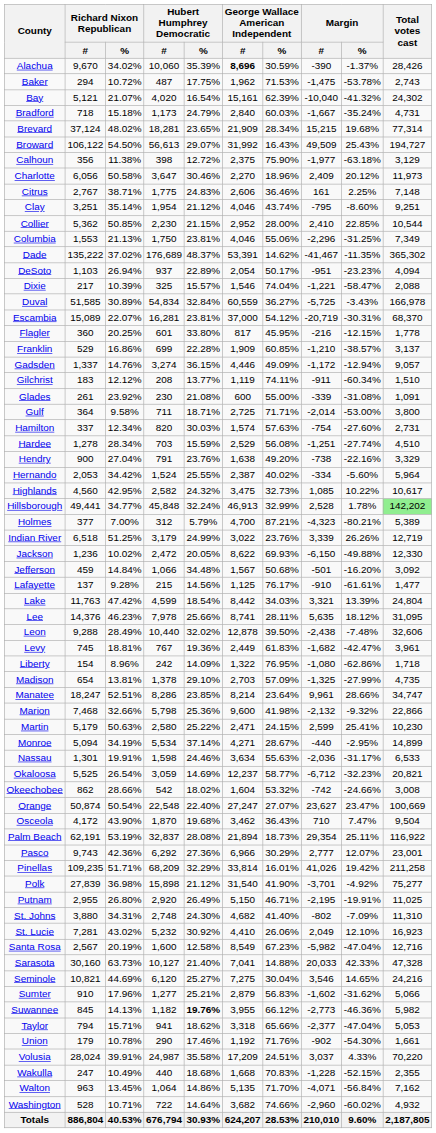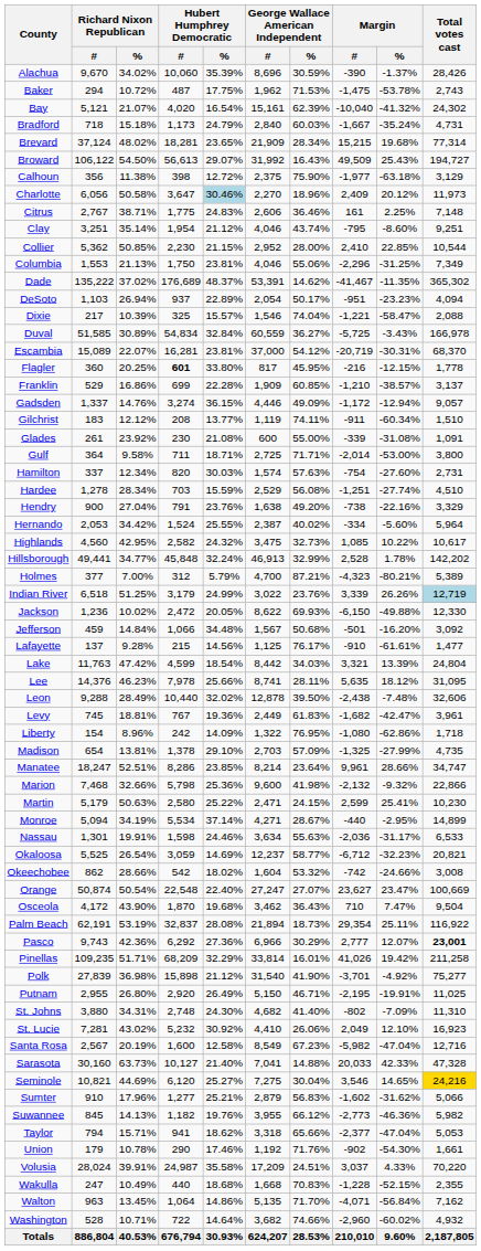 <table width="60%"  class="wikitable sortable" style="text-align:center">
 <tr>
 <th style="text-align:center;" rowspan="2">County</th>
 <th style="text-align:center;" colspan="2">Richard Nixon<br>Republican</th>
 <th style="text-align:center;" colspan="2">Hubert Humphrey<br>Democratic</th>
 <th style="text-align:center;" colspan="2">George Wallace<br>American Independent</th>
 <th style="text-align:center;" colspan="2">Margin</th>
 <th style="text-align:center;" rowspan="2">Total votes cast</th>
 </tr>
 <tr>
 <th style="text-align:center;" data-sort-type="number">#</th>
 <th style="text-align:center;" data-sort-type="number">%</th>
 <th style="text-align:center;" data-sort-type="number">#</th>
 <th style="text-align:center;" data-sort-type="number">%</th>
 <th style="text-align:center;" data-sort-type="number">#</th>
 <th style="text-align:center;" data-sort-type="number">%</th>
 <th style="text-align:center;" data-sort-type="number">#</th>
 <th style="text-align:center;" data-sort-type="number">%</th>
 </tr>
 <tr style="text-align:center;">
 <td><a href='#'>Alachua</a></td>
 <td>9,670</td>
 <td>34.02%</td>
 <td>10,060</td>
 <td>35.39%</td>
-<td><strong>8,696</strong></td>
+<td>8,696</td>
 <td>30.59%</td>
 <td>-390</td>
 <td>-1.37%</td>
 <td>28,426</td>
 </tr>
 <tr style="text-align:center;">
 <td><a href='#'>Baker</a></td>
 <td>294</td>
 <td>10.72%</td>
 <td>487</td>
 <td>17.75%</td>
 <td>1,962</td>
 <td>71.53%</td>
 <td>-1,475</td>
 <td>-53.78%</td>
 <td>2,743</td>
 </tr>
 <tr style="text-align:center;">
 <td><a href='#'>Bay</a></td>
 <td>5,121</td>
 <td>21.07%</td>
 <td>4,020</td>
 <td>16.54%</td>
 <td>15,161</td>
 <td>62.39%</td>
 <td>-10,040</td>
 <td>-41.32%</td>
 <td>24,302</td>
 </tr>
 <tr style="text-align:center;">
 <td><a href='#'>Bradford</a></td>
 <td>718</td>
 <td>15.18%</td>
 <td>1,173</td>
 <td>24.79%</td>
 <td>2,840</td>
 <td>60.03%</td>
 <td>-1,667</td>
 <td>-35.24%</td>
 <td>4,731</td>
 </tr>
 <tr style="text-align:center;">
 <td><a href='#'>Brevard</a></td>
 <td>37,124</td>
 <td>48.02%</td>
 <td>18,281</td>
 <td>23.65%</td>
 <td>21,909</td>
 <td>28.34%</td>
 <td>15,215</td>
 <td>19.68%</td>
 <td>77,314</td>
 </tr>
 <tr style="text-align:center;">
 <td><a href='#'>Broward</a></td>
 <td>106,122</td>
 <td>54.50%</td>
 <td>56,613</td>
 <td>29.07%</td>
 <td>31,992</td>
 <td>16.43%</td>
 <td>49,509</td>
 <td>25.43%</td>
 <td>194,727</td>
 </tr>
 <tr style="text-align:center;">
 <td><a href='#'>Calhoun</a></td>
 <td>356</td>
 <td>11.38%</td>
 <td>398</td>
 <td>12.72%</td>
 <td>2,375</td>
 <td>75.90%</td>
 <td>-1,977</td>
 <td>-63.18%</td>
 <td>3,129</td>
 </tr>
 <tr style="text-align:center;">
 <td><a href='#'>Charlotte</a></td>
 <td>6,056</td>
 <td>50.58%</td>
 <td>3,647</td>
-<td>30.46%</td>
+<td style="background: lightblue;">30.46%</td>
 <td>2,270</td>
 <td>18.96%</td>
 <td>2,409</td>
 <td>20.12%</td>
 <td>11,973</td>
 </tr>
 <tr style="text-align:center;">
 <td><a href='#'>Citrus</a></td>
 <td>2,767</td>
 <td>38.71%</td>
 <td>1,775</td>
 <td>24.83%</td>
 <td>2,606</td>
 <td>36.46%</td>
 <td>161</td>
 <td>2.25%</td>
 <td>7,148</td>
 </tr>
 <tr style="text-align:center;">
 <td><a href='#'>Clay</a></td>
 <td>3,251</td>
 <td>35.14%</td>
 <td>1,954</td>
 <td>21.12%</td>
 <td>4,046</td>
 <td>43.74%</td>
 <td>-795</td>
 <td>-8.60%</td>
 <td>9,251</td>
 </tr>
 <tr style="text-align:center;">
 <td><a href='#'>Collier</a></td>
 <td>5,362</td>
 <td>50.85%</td>
 <td>2,230</td>
 <td>21.15%</td>
 <td>2,952</td>
 <td>28.00%</td>
 <td>2,410</td>
 <td>22.85%</td>
 <td>10,544</td>
 </tr>
 <tr style="text-align:center;">
 <td><a href='#'>Columbia</a></td>
 <td>1,553</td>
 <td>21.13%</td>
 <td>1,750</td>
 <td>23.81%</td>
 <td>4,046</td>
 <td>55.06%</td>
 <td>-2,296</td>
 <td>-31.25%</td>
 <td>7,349</td>
 </tr>
 <tr style="text-align:center;">
 <td><a href='#'>Dade</a></td>
 <td>135,222</td>
 <td>37.02%</td>
 <td>176,689</td>
 <td>48.37%</td>
 <td>53,391</td>
 <td>14.62%</td>
 <td>-41,467</td>
 <td>-11.35%</td>
 <td>365,302</td>
 </tr>
 <tr style="text-align:center;">
 <td><a href='#'>DeSoto</a></td>
 <td>1,103</td>
 <td>26.94%</td>
 <td>937</td>
 <td>22.89%</td>
 <td>2,054</td>
 <td>50.17%</td>
 <td>-951</td>
 <td>-23.23%</td>
 <td>4,094</td>
 </tr>
 <tr style="text-align:center;">
 <td><a href='#'>Dixie</a></td>
 <td>217</td>
 <td>10.39%</td>
 <td>325</td>
 <td>15.57%</td>
 <td>1,546</td>
 <td>74.04%</td>
 <td>-1,221</td>
 <td>-58.47%</td>
 <td>2,088</td>
 </tr>
 <tr style="text-align:center;">
 <td><a href='#'>Duval</a></td>
 <td>51,585</td>
 <td>30.89%</td>
 <td>54,834</td>
 <td>32.84%</td>
 <td>60,559</td>
 <td>36.27%</td>
 <td>-5,725</td>
 <td>-3.43%</td>
 <td>166,978</td>
 </tr>
 <tr style="text-align:center;">
 <td><a href='#'>Escambia</a></td>
 <td>15,089</td>
 <td>22.07%</td>
 <td>16,281</td>
 <td>23.81%</td>
 <td>37,000</td>
 <td>54.12%</td>
 <td>-20,719</td>
 <td>-30.31%</td>
 <td>68,370</td>
 </tr>
 <tr style="text-align:center;">
 <td><a href='#'>Flagler</a></td>
 <td>360</td>
 <td>20.25%</td>
-<td>601</td>
+<td><strong>601</strong></td>
 <td>33.80%</td>
 <td>817</td>
 <td>45.95%</td>
 <td>-216</td>
 <td>-12.15%</td>
 <td>1,778</td>
 </tr>
 <tr style="text-align:center;">
 <td><a href='#'>Franklin</a></td>
 <td>529</td>
 <td>16.86%</td>
 <td>699</td>
 <td>22.28%</td>
 <td>1,909</td>
 <td>60.85%</td>
 <td>-1,210</td>
 <td>-38.57%</td>
 <td>3,137</td>
 </tr>
 <tr style="text-align:center;">
 <td><a href='#'>Gadsden</a></td>
 <td>1,337</td>
 <td>14.76%</td>
 <td>3,274</td>
 <td>36.15%</td>
 <td>4,446</td>
 <td>49.09%</td>
 <td>-1,172</td>
 <td>-12.94%</td>
 <td>9,057</td>
 </tr>
 <tr style="text-align:center;">
 <td><a href='#'>Gilchrist</a></td>
 <td>183</td>
 <td>12.12%</td>
 <td>208</td>
 <td>13.77%</td>
 <td>1,119</td>
 <td>74.11%</td>
 <td>-911</td>
 <td>-60.34%</td>
 <td>1,510</td>
 </tr>
 <tr style="text-align:center;">
 <td><a href='#'>Glades</a></td>
 <td>261</td>
 <td>23.92%</td>
 <td>230</td>
 <td>21.08%</td>
 <td>600</td>
 <td>55.00%</td>
 <td>-339</td>
 <td>-31.08%</td>
 <td>1,091</td>
 </tr>
 <tr style="text-align:center;">
 <td><a href='#'>Gulf</a></td>
 <td>364</td>
 <td>9.58%</td>
 <td>711</td>
 <td>18.71%</td>
 <td>2,725</td>
 <td>71.71%</td>
 <td>-2,014</td>
 <td>-53.00%</td>
 <td>3,800</td>
 </tr>
 <tr style="text-align:center;">
 <td><a href='#'>Hamilton</a></td>
 <td>337</td>
 <td>12.34%</td>
 <td>820</td>
 <td>30.03%</td>
 <td>1,574</td>
 <td>57.63%</td>
 <td>-754</td>
 <td>-27.60%</td>
 <td>2,731</td>
 </tr>
 <tr style="text-align:center;">
 <td><a href='#'>Hardee</a></td>
 <td>1,278</td>
 <td>28.34%</td>
 <td>703</td>
 <td>15.59%</td>
 <td>2,529</td>
 <td>56.08%</td>
 <td>-1,251</td>
 <td>-27.74%</td>
 <td>4,510</td>
 </tr>
 <tr style="text-align:center;">
 <td><a href='#'>Hendry</a></td>
 <td>900</td>
 <td>27.04%</td>
 <td>791</td>
 <td>23.76%</td>
 <td>1,638</td>
 <td>49.20%</td>
 <td>-738</td>
 <td>-22.16%</td>
 <td>3,329</td>
 </tr>
 <tr style="text-align:center;">
 <td><a href='#'>Hernando</a></td>
 <td>2,053</td>
 <td>34.42%</td>
 <td>1,524</td>
 <td>25.55%</td>
 <td>2,387</td>
 <td>40.02%</td>
 <td>-334</td>
 <td>-5.60%</td>
 <td>5,964</td>
 </tr>
 <tr style="text-align:center;">
 <td><a href='#'>Highlands</a></td>
 <td>4,560</td>
 <td>42.95%</td>
 <td>2,582</td>
 <td>24.32%</td>
 <td>3,475</td>
 <td>32.73%</td>
 <td>1,085</td>
 <td>10.22%</td>
 <td>10,617</td>
 </tr>
 <tr style="text-align:center;">
 <td><a href='#'>Hillsborough</a></td>
 <td>49,441</td>
 <td>34.77%</td>
 <td>45,848</td>
 <td>32.24%</td>
 <td>46,913</td>
 <td>32.99%</td>
 <td>2,528</td>
 <td>1.78%</td>
-<td style="background: lightgreen;">142,202</td>
+<td>142,202</td>
 </tr>
 <tr style="text-align:center;">
 <td><a href='#'>Holmes</a></td>
 <td>377</td>
 <td>7.00%</td>
 <td>312</td>
 <td>5.79%</td>
 <td>4,700</td>
 <td>87.21%</td>
 <td>-4,323</td>
 <td>-80.21%</td>
 <td>5,389</td>
 </tr>
 <tr style="text-align:center;">
 <td><a href='#'>Indian River</a></td>
 <td>6,518</td>
 <td>51.25%</td>
 <td>3,179</td>
 <td>24.99%</td>
 <td>3,022</td>
 <td>23.76%</td>
 <td>3,339</td>
 <td>26.26%</td>
-<td>12,719</td>
+<td style="background: lightblue;">12,719</td>
 </tr>
 <tr style="text-align:center;">
 <td><a href='#'>Jackson</a></td>
 <td>1,236</td>
 <td>10.02%</td>
 <td>2,472</td>
 <td>20.05%</td>
 <td>8,622</td>
 <td>69.93%</td>
 <td>-6,150</td>
 <td>-49.88%</td>
 <td>12,330</td>
 </tr>
 <tr style="text-align:center;">
 <td><a href='#'>Jefferson</a></td>
 <td>459</td>
 <td>14.84%</td>
 <td>1,066</td>
 <td>34.48%</td>
 <td>1,567</td>
 <td>50.68%</td>
 <td>-501</td>
 <td>-16.20%</td>
 <td>3,092</td>
 </tr>
 <tr style="text-align:center;">
 <td><a href='#'>Lafayette</a></td>
 <td>137</td>
 <td>9.28%</td>
 <td>215</td>
 <td>14.56%</td>
 <td>1,125</td>
 <td>76.17%</td>
 <td>-910</td>
 <td>-61.61%</td>
 <td>1,477</td>
 </tr>
 <tr style="text-align:center;">
 <td><a href='#'>Lake</a></td>
 <td>11,763</td>
 <td>47.42%</td>
 <td>4,599</td>
 <td>18.54%</td>
 <td>8,442</td>
 <td>34.03%</td>
 <td>3,321</td>
 <td>13.39%</td>
 <td>24,804</td>
 </tr>
 <tr style="text-align:center;">
 <td><a href='#'>Lee</a></td>
 <td>14,376</td>
 <td>46.23%</td>
 <td>7,978</td>
 <td>25.66%</td>
 <td>8,741</td>
 <td>28.11%</td>
 <td>5,635</td>
 <td>18.12%</td>
 <td>31,095</td>
 </tr>
 <tr style="text-align:center;">
 <td><a href='#'>Leon</a></td>
 <td>9,288</td>
 <td>28.49%</td>
 <td>10,440</td>
 <td>32.02%</td>
 <td>12,878</td>
 <td>39.50%</td>
 <td>-2,438</td>
 <td>-7.48%</td>
 <td>32,606</td>
 </tr>
 <tr style="text-align:center;">
 <td><a href='#'>Levy</a></td>
 <td>745</td>
 <td>18.81%</td>
 <td>767</td>
 <td>19.36%</td>
 <td>2,449</td>
 <td>61.83%</td>
 <td>-1,682</td>
 <td>-42.47%</td>
 <td>3,961</td>
 </tr>
 <tr style="text-align:center;">
 <td><a href='#'>Liberty</a></td>
 <td>154</td>
 <td>8.96%</td>
 <td>242</td>
 <td>14.09%</td>
 <td>1,322</td>
 <td>76.95%</td>
 <td>-1,080</td>
 <td>-62.86%</td>
 <td>1,718</td>
 </tr>
 <tr style="text-align:center;">
 <td><a href='#'>Madison</a></td>
 <td>654</td>
 <td>13.81%</td>
 <td>1,378</td>
 <td>29.10%</td>
 <td>2,703</td>
 <td>57.09%</td>
 <td>-1,325</td>
 <td>-27.99%</td>
 <td>4,735</td>
 </tr>
 <tr style="text-align:center;">
 <td><a href='#'>Manatee</a></td>
 <td>18,247</td>
 <td>52.51%</td>
 <td>8,286</td>
 <td>23.85%</td>
 <td>8,214</td>
 <td>23.64%</td>
 <td>9,961</td>
 <td>28.66%</td>
 <td>34,747</td>
 </tr>
 <tr style="text-align:center;">
 <td><a href='#'>Marion</a></td>
 <td>7,468</td>
 <td>32.66%</td>
 <td>5,798</td>
 <td>25.36%</td>
 <td>9,600</td>
 <td>41.98%</td>
 <td>-2,132</td>
 <td>-9.32%</td>
 <td>22,866</td>
 </tr>
 <tr style="text-align:center;">
 <td><a href='#'>Martin</a></td>
 <td>5,179</td>
 <td>50.63%</td>
 <td>2,580</td>
 <td>25.22%</td>
 <td>2,471</td>
 <td>24.15%</td>
 <td>2,599</td>
 <td>25.41%</td>
 <td>10,230</td>
 </tr>
 <tr style="text-align:center;">
 <td><a href='#'>Monroe</a></td>
 <td>5,094</td>
 <td>34.19%</td>
 <td>5,534</td>
 <td>37.14%</td>
 <td>4,271</td>
 <td>28.67%</td>
 <td>-440</td>
 <td>-2.95%</td>
 <td>14,899</td>
 </tr>
 <tr style="text-align:center;">
 <td><a href='#'>Nassau</a></td>
 <td>1,301</td>
 <td>19.91%</td>
 <td>1,598</td>
 <td>24.46%</td>
 <td>3,634</td>
 <td>55.63%</td>
 <td>-2,036</td>
 <td>-31.17%</td>
 <td>6,533</td>
 </tr>
 <tr style="text-align:center;">
 <td><a href='#'>Okaloosa</a></td>
 <td>5,525</td>
 <td>26.54%</td>
 <td>3,059</td>
 <td>14.69%</td>
 <td>12,237</td>
 <td>58.77%</td>
 <td>-6,712</td>
 <td>-32.23%</td>
 <td>20,821</td>
 </tr>
 <tr style="text-align:center;">
 <td><a href='#'>Okeechobee</a></td>
 <td>862</td>
 <td>28.66%</td>
 <td>542</td>
 <td>18.02%</td>
 <td>1,604</td>
 <td>53.32%</td>
 <td>-742</td>
 <td>-24.66%</td>
 <td>3,008</td>
 </tr>
 <tr style="text-align:center;">
 <td><a href='#'>Orange</a></td>
 <td>50,874</td>
 <td>50.54%</td>
 <td>22,548</td>
 <td>22.40%</td>
 <td>27,247</td>
 <td>27.07%</td>
 <td>23,627</td>
 <td>23.47%</td>
 <td>100,669</td>
 </tr>
 <tr style="text-align:center;">
 <td><a href='#'>Osceola</a></td>
 <td>4,172</td>
 <td>43.90%</td>
 <td>1,870</td>
 <td>19.68%</td>
 <td>3,462</td>
 <td>36.43%</td>
 <td>710</td>
 <td>7.47%</td>
 <td>9,504</td>
 </tr>
 <tr style="text-align:center;">
 <td><a href='#'>Palm Beach</a></td>
 <td>62,191</td>
 <td>53.19%</td>
 <td>32,837</td>
 <td>28.08%</td>
 <td>21,894</td>
 <td>18.73%</td>
 <td>29,354</td>
 <td>25.11%</td>
 <td>116,922</td>
 </tr>
 <tr style="text-align:center;">
 <td><a href='#'>Pasco</a></td>
 <td>9,743</td>
 <td>42.36%</td>
 <td>6,292</td>
 <td>27.36%</td>
 <td>6,966</td>
 <td>30.29%</td>
 <td>2,777</td>
 <td>12.07%</td>
-<td>23,001</td>
+<td><strong>23,001</strong></td>
 </tr>
 <tr style="text-align:center;">
 <td><a href='#'>Pinellas</a></td>
 <td>109,235</td>
 <td>51.71%</td>
 <td>68,209</td>
 <td>32.29%</td>
 <td>33,814</td>
 <td>16.01%</td>
 <td>41,026</td>
 <td>19.42%</td>
 <td>211,258</td>
 </tr>
 <tr style="text-align:center;">
 <td><a href='#'>Polk</a></td>
 <td>27,839</td>
 <td>36.98%</td>
 <td>15,898</td>
 <td>21.12%</td>
 <td>31,540</td>
 <td>41.90%</td>
 <td>-3,701</td>
 <td>-4.92%</td>
 <td>75,277</td>
 </tr>
 <tr style="text-align:center;">
 <td><a href='#'>Putnam</a></td>
 <td>2,955</td>
 <td>26.80%</td>
 <td>2,920</td>
 <td>26.49%</td>
 <td>5,150</td>
 <td>46.71%</td>
 <td>-2,195</td>
 <td>-19.91%</td>
 <td>11,025</td>
 </tr>
 <tr style="text-align:center;">
 <td><a href='#'>St. Johns</a></td>
 <td>3,880</td>
 <td>34.31%</td>
 <td>2,748</td>
 <td>24.30%</td>
 <td>4,682</td>
 <td>41.40%</td>
 <td>-802</td>
 <td>-7.09%</td>
 <td>11,310</td>
 </tr>
 <tr style="text-align:center;">
 <td><a href='#'>St. Lucie</a></td>
 <td>7,281</td>
 <td>43.02%</td>
 <td>5,232</td>
 <td>30.92%</td>
 <td>4,410</td>
 <td>26.06%</td>
 <td>2,049</td>
 <td>12.10%</td>
 <td>16,923</td>
 </tr>
 <tr style="text-align:center;">
 <td><a href='#'>Santa Rosa</a></td>
 <td>2,567</td>
 <td>20.19%</td>
 <td>1,600</td>
 <td>12.58%</td>
 <td>8,549</td>
 <td>67.23%</td>
 <td>-5,982</td>
 <td>-47.04%</td>
 <td>12,716</td>
 </tr>
 <tr style="text-align:center;">
 <td><a href='#'>Sarasota</a></td>
 <td>30,160</td>
 <td>63.73%</td>
 <td>10,127</td>
 <td>21.40%</td>
 <td>7,041</td>
 <td>14.88%</td>
 <td>20,033</td>
 <td>42.33%</td>
 <td>47,328</td>
 </tr>
 <tr style="text-align:center;">
 <td><a href='#'>Seminole</a></td>
 <td>10,821</td>
 <td>44.69%</td>
 <td>6,120</td>
 <td>25.27%</td>
 <td>7,275</td>
 <td>30.04%</td>
 <td>3,546</td>
 <td>14.65%</td>
-<td>24,216</td>
+<td style="background: gold;">24,216</td>
 </tr>
 <tr style="text-align:center;">
 <td><a href='#'>Sumter</a></td>
 <td>910</td>
 <td>17.96%</td>
 <td>1,277</td>
 <td>25.21%</td>
 <td>2,879</td>
 <td>56.83%</td>
 <td>-1,602</td>
 <td>-31.62%</td>
 <td>5,066</td>
 </tr>
 <tr style="text-align:center;">
 <td><a href='#'>Suwannee</a></td>
 <td>845</td>
 <td>14.13%</td>
 <td>1,182</td>
-<td><strong>19.76%</strong></td>
+<td>19.76%</td>
 <td>3,955</td>
 <td>66.12%</td>
 <td>-2,773</td>
 <td>-46.36%</td>
 <td>5,982</td>
 </tr>
 <tr style="text-align:center;">
 <td><a href='#'>Taylor</a></td>
 <td>794</td>
 <td>15.71%</td>
 <td>941</td>
 <td>18.62%</td>
 <td>3,318</td>
 <td>65.66%</td>
 <td>-2,377</td>
 <td>-47.04%</td>
 <td>5,053</td>
 </tr>
 <tr style="text-align:center;">
 <td><a href='#'>Union</a></td>
 <td>179</td>
 <td>10.78%</td>
 <td>290</td>
 <td>17.46%</td>
 <td>1,192</td>
 <td>71.76%</td>
 <td>-902</td>
 <td>-54.30%</td>
 <td>1,661</td>
 </tr>
 <tr style="text-align:center;">
 <td><a href='#'>Volusia</a></td>
 <td>28,024</td>
 <td>39.91%</td>
 <td>24,987</td>
 <td>35.58%</td>
 <td>17,209</td>
 <td>24.51%</td>
 <td>3,037</td>
 <td>4.33%</td>
 <td>70,220</td>
 </tr>
 <tr style="text-align:center;">
 <td><a href='#'>Wakulla</a></td>
 <td>247</td>
 <td>10.49%</td>
 <td>440</td>
 <td>18.68%</td>
 <td>1,668</td>
 <td>70.83%</td>
 <td>-1,228</td>
 <td>-52.15%</td>
 <td>2,355</td>
 </tr>
 <tr style="text-align:center;">
 <td><a href='#'>Walton</a></td>
 <td>963</td>
 <td>13.45%</td>
 <td>1,064</td>
 <td>14.86%</td>
 <td>5,135</td>
 <td>71.70%</td>
 <td>-4,071</td>
 <td>-56.84%</td>
 <td>7,162</td>
 </tr>
 <tr style="text-align:center;">
 <td><a href='#'>Washington</a></td>
 <td>528</td>
 <td>10.71%</td>
 <td>722</td>
 <td>14.64%</td>
 <td>3,682</td>
 <td>74.66%</td>
 <td>-2,960</td>
 <td>-60.02%</td>
 <td>4,932</td>
 </tr>
 <tr style="text-align:center;">
 <th>Totals</th>
 <th>886,804</th>
 <th>40.53%</th>
 <th>676,794</th>
 <th>30.93%</th>
 <th>624,207</th>
 <th>28.53%</th>
 <th>210,010</th>
 <th>9.60%</th>
 <th>2,187,805</th>
 </tr>
 </table>
